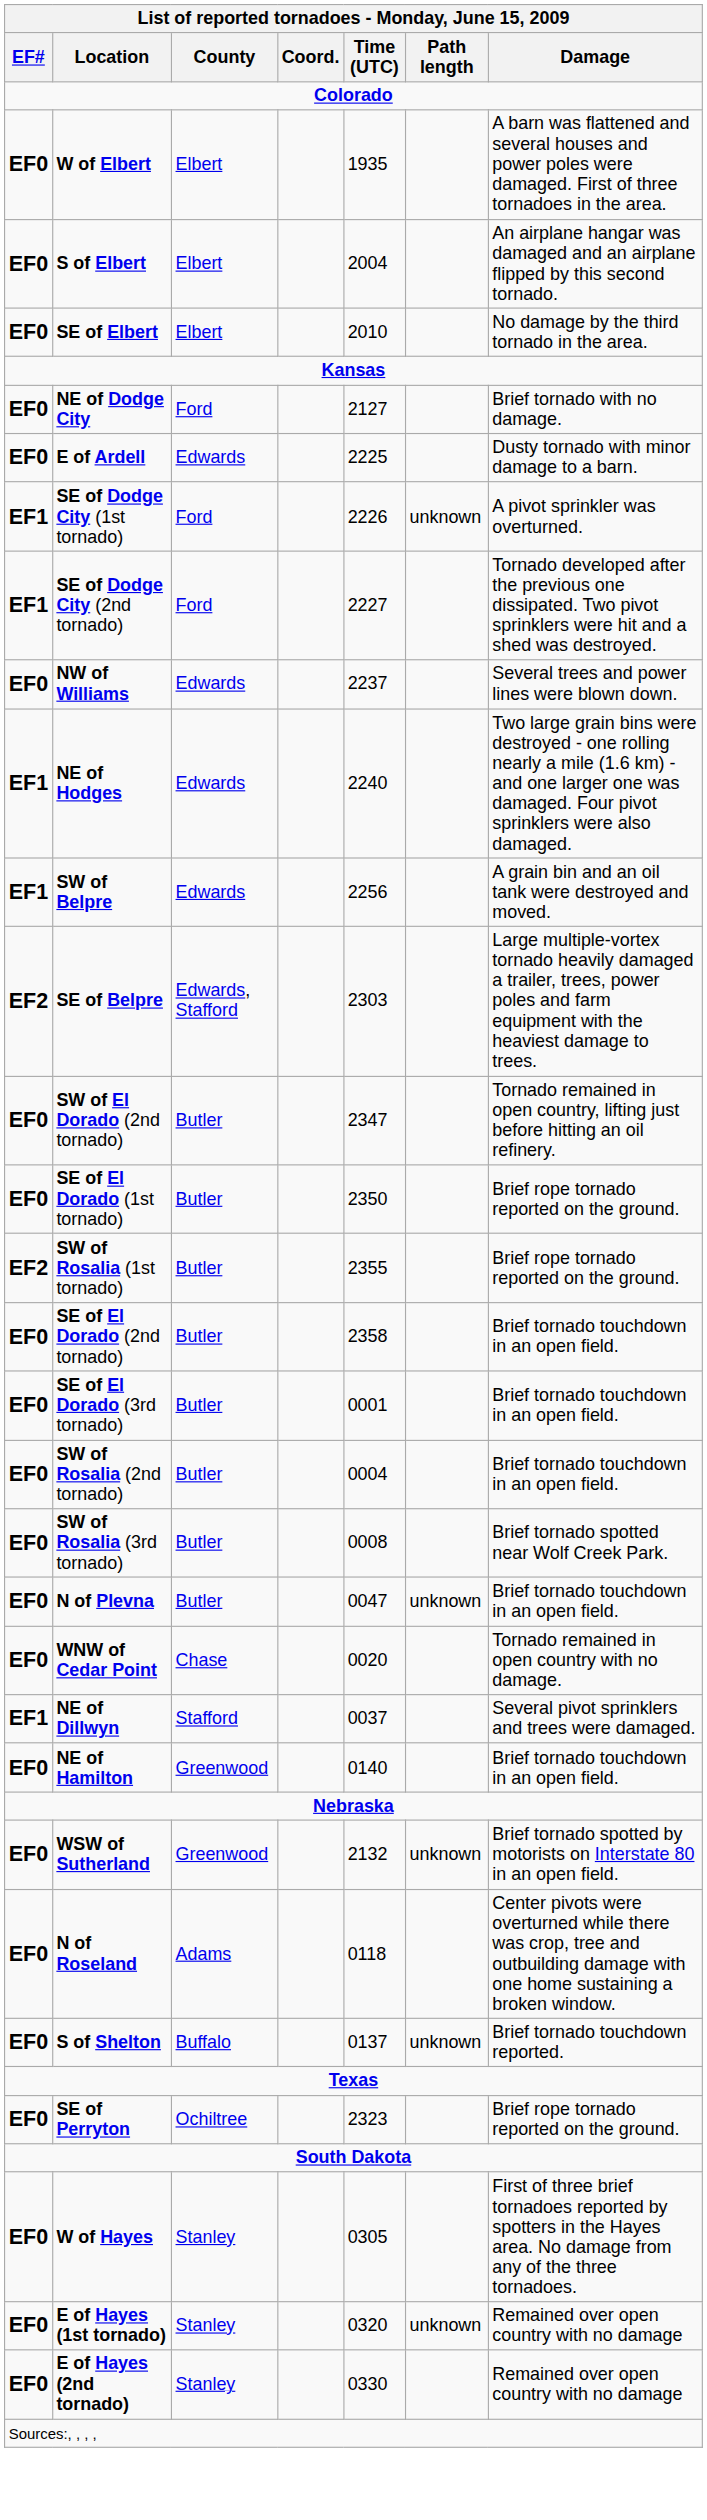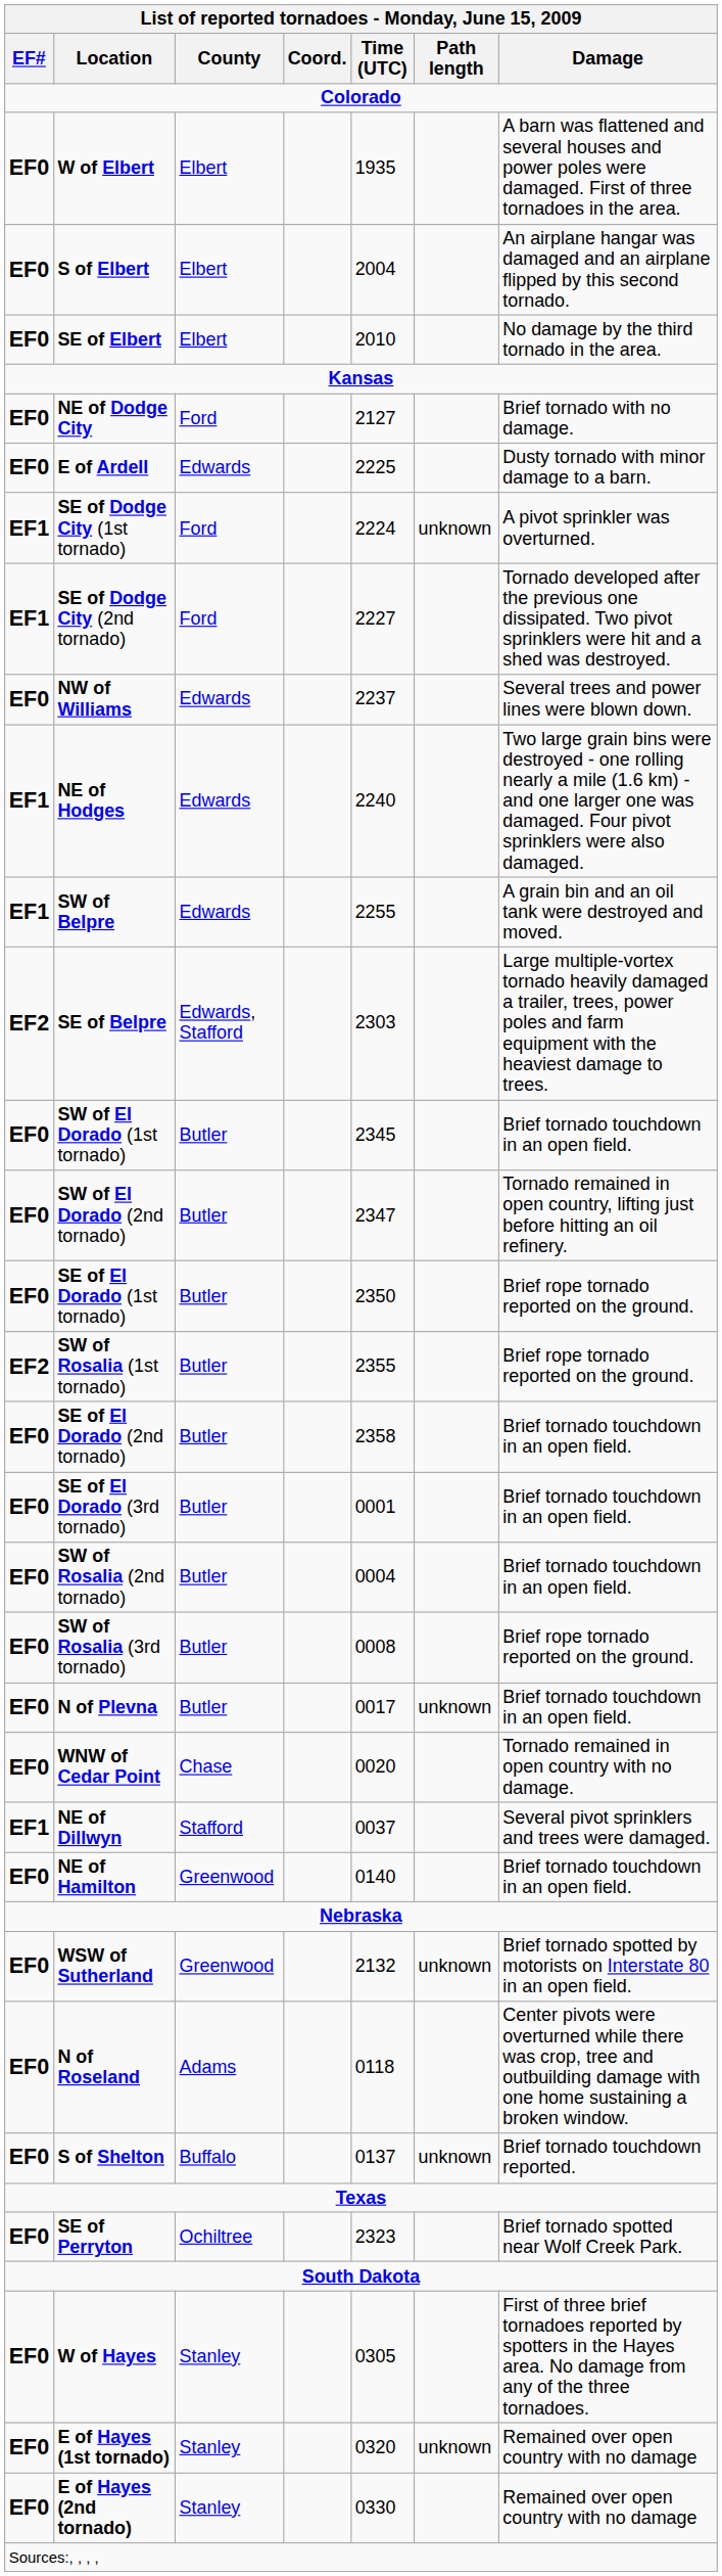 <table class="wikitable collapsible" width="100%">
 <tr>
 <th colspan="7">List of reported tornadoes - Monday, June 15, 2009</th>
 </tr>
 <tr>
 <th><a href='#'>EF#</a></th>
 <th>Location</th>
 <th>County</th>
 <th>Coord.</th>
 <th>Time (UTC)</th>
 <th>Path length</th>
 <th>Damage</th>
 </tr>
 <tr>
 <td colspan="7" align=center><strong><a href='#'>Colorado</a></strong></td>
 </tr>
 <tr>
 <td><big><strong>EF0</strong></big></td>
 <td><strong>W of <a href='#'>Elbert</a></strong></td>
 <td><a href='#'>Elbert</a></td>
 <td></td>
 <td>1935</td>
 <td></td>
 <td>A barn was flattened and several houses and power poles were damaged. First of three tornadoes in the area.</td>
 </tr>
 <tr>
 <td><big><strong>EF0</strong></big></td>
 <td><strong>S of <a href='#'>Elbert</a></strong></td>
 <td><a href='#'>Elbert</a></td>
 <td></td>
 <td>2004</td>
 <td></td>
 <td>An airplane hangar was damaged and an airplane flipped by this second tornado.</td>
 </tr>
 <tr>
 <td><big><strong>EF0</strong></big></td>
 <td><strong>SE of <a href='#'>Elbert</a></strong></td>
 <td><a href='#'>Elbert</a></td>
 <td></td>
 <td>2010</td>
 <td></td>
 <td>No damage by the third tornado in the area.</td>
 </tr>
 <tr>
 <td colspan="7" align=center><strong><a href='#'>Kansas</a></strong></td>
 </tr>
 <tr>
 <td><big><strong>EF0</strong></big></td>
 <td><strong>NE of <a href='#'>Dodge City</a></strong></td>
 <td><a href='#'>Ford</a></td>
 <td></td>
 <td>2127</td>
 <td></td>
 <td>Brief tornado with no damage.</td>
 </tr>
 <tr>
 <td><big><strong>EF0</strong></big></td>
 <td><strong>E of <a href='#'>Ardell</a></strong></td>
 <td><a href='#'>Edwards</a></td>
 <td></td>
 <td>2225</td>
 <td></td>
 <td>Dusty tornado with minor damage to a barn.</td>
 </tr>
 <tr>
 <td><big><strong>EF1</strong></big></td>
 <td><strong>SE of <a href='#'>Dodge City</a></strong> (1st tornado)</td>
 <td><a href='#'>Ford</a></td>
 <td></td>
-<td>2226</td>
+<td>2224</td>
 <td>unknown</td>
 <td>A pivot sprinkler was overturned.</td>
 </tr>
 <tr>
 <td><big><strong>EF1</strong></big></td>
 <td><strong>SE of <a href='#'>Dodge City</a></strong> (2nd tornado)</td>
 <td><a href='#'>Ford</a></td>
 <td></td>
 <td>2227</td>
 <td></td>
 <td>Tornado developed after the previous one dissipated. Two pivot sprinklers were hit and a shed was destroyed.</td>
 </tr>
 <tr>
 <td><big><strong>EF0</strong></big></td>
 <td><strong>NW of <a href='#'>Williams</a></strong></td>
 <td><a href='#'>Edwards</a></td>
 <td></td>
 <td>2237</td>
 <td></td>
 <td>Several trees and power lines were blown down.</td>
 </tr>
 <tr>
 <td><big><strong>EF1</strong></big></td>
 <td><strong>NE of <a href='#'>Hodges</a></strong></td>
 <td><a href='#'>Edwards</a></td>
 <td></td>
 <td>2240</td>
 <td></td>
 <td>Two large grain bins were destroyed - one rolling nearly a mile (1.6 km) - and one larger one was damaged. Four pivot sprinklers were also damaged.</td>
 </tr>
 <tr>
 <td><big><strong>EF1</strong></big></td>
 <td><strong>SW of <a href='#'>Belpre</a></strong></td>
 <td><a href='#'>Edwards</a></td>
 <td></td>
-<td>2256</td>
+<td>2255</td>
 <td></td>
 <td>A grain bin and an oil tank were destroyed and moved.</td>
 </tr>
 <tr>
 <td><big><strong>EF2</strong></big></td>
 <td><strong>SE of <a href='#'>Belpre</a></strong></td>
 <td><a href='#'>Edwards</a>, <a href='#'>Stafford</a></td>
 <td></td>
 <td>2303</td>
 <td></td>
 <td>Large multiple-vortex tornado heavily damaged a trailer, trees, power poles and farm equipment with the heaviest damage to trees.</td>
+</tr>
+<tr>
+<td><big><strong>EF0</strong></big></td>
+<td><strong>SW of <a href='#'>El Dorado</a></strong> (1st tornado)</td>
+<td><a href='#'>Butler</a></td>
+<td></td>
+<td>2345</td>
+<td></td>
+<td>Brief tornado touchdown in an open field.</td>
 </tr>
 <tr>
 <td><big><strong>EF0</strong></big></td>
 <td><strong>SW of <a href='#'>El Dorado</a></strong> (2nd tornado)</td>
 <td><a href='#'>Butler</a></td>
 <td></td>
 <td>2347</td>
 <td></td>
 <td>Tornado remained in open country, lifting just before hitting an oil refinery.</td>
 </tr>
 <tr>
 <td><big><strong>EF0</strong></big></td>
 <td><strong>SE of <a href='#'>El Dorado</a></strong> (1st tornado)</td>
 <td><a href='#'>Butler</a></td>
 <td></td>
 <td>2350</td>
 <td></td>
 <td>Brief rope tornado reported on the ground.</td>
 </tr>
 <tr>
 <td><big><strong>EF2</strong></big></td>
 <td><strong>SW of <a href='#'>Rosalia</a></strong> (1st tornado)</td>
 <td><a href='#'>Butler</a></td>
 <td></td>
 <td>2355</td>
 <td></td>
 <td>Brief rope tornado reported on the ground.</td>
 </tr>
 <tr>
 <td><big><strong>EF0</strong></big></td>
 <td><strong>SE of <a href='#'>El Dorado</a></strong> (2nd tornado)</td>
 <td><a href='#'>Butler</a></td>
 <td></td>
 <td>2358</td>
 <td></td>
 <td>Brief tornado touchdown in an open field.</td>
 </tr>
 <tr>
 <td><big><strong>EF0</strong></big></td>
 <td><strong>SE of <a href='#'>El Dorado</a></strong> (3rd tornado)</td>
 <td><a href='#'>Butler</a></td>
 <td></td>
 <td>0001</td>
 <td></td>
 <td>Brief tornado touchdown in an open field.</td>
 </tr>
 <tr>
 <td><big><strong>EF0</strong></big></td>
 <td><strong>SW of <a href='#'>Rosalia</a></strong> (2nd tornado)</td>
 <td><a href='#'>Butler</a></td>
 <td></td>
 <td>0004</td>
 <td></td>
 <td>Brief tornado touchdown in an open field.</td>
 </tr>
 <tr>
 <td><big><strong>EF0</strong></big></td>
 <td><strong>SW of <a href='#'>Rosalia</a></strong> (3rd tornado)</td>
 <td><a href='#'>Butler</a></td>
 <td></td>
 <td>0008</td>
 <td></td>
-<td>Brief tornado spotted near Wolf Creek Park.</td>
+<td>Brief rope tornado reported on the ground.</td>
 </tr>
 <tr>
 <td><big><strong>EF0</strong></big></td>
 <td><strong>N of <a href='#'>Plevna</a></strong></td>
 <td><a href='#'>Butler</a></td>
 <td></td>
-<td>0047</td>
+<td>0017</td>
 <td>unknown</td>
 <td>Brief tornado touchdown in an open field.</td>
 </tr>
 <tr>
 <td><big><strong>EF0</strong></big></td>
 <td><strong>WNW of <a href='#'>Cedar Point</a></strong></td>
 <td><a href='#'>Chase</a></td>
 <td></td>
 <td>0020</td>
 <td></td>
 <td>Tornado remained in open country with no damage.</td>
 </tr>
 <tr>
 <td><big><strong>EF1</strong></big></td>
 <td><strong>NE of <a href='#'>Dillwyn</a></strong></td>
 <td><a href='#'>Stafford</a></td>
 <td></td>
 <td>0037</td>
 <td></td>
 <td>Several pivot sprinklers and trees were damaged.</td>
 </tr>
 <tr>
 <td><big><strong>EF0</strong></big></td>
 <td><strong>NE of <a href='#'>Hamilton</a></strong></td>
 <td><a href='#'>Greenwood</a></td>
 <td></td>
 <td>0140</td>
 <td></td>
 <td>Brief tornado touchdown in an open field.</td>
 </tr>
 <tr>
 <td colspan="7" align=center><strong><a href='#'>Nebraska</a></strong></td>
 </tr>
 <tr>
 <td><big><strong>EF0</strong></big></td>
 <td><strong>WSW of <a href='#'>Sutherland</a></strong></td>
 <td><a href='#'>Greenwood</a></td>
 <td></td>
 <td>2132</td>
 <td>unknown</td>
 <td>Brief tornado spotted by motorists on <a href='#'>Interstate 80</a> in an open field.</td>
 </tr>
 <tr>
 <td><big><strong>EF0</strong></big></td>
 <td><strong>N of <a href='#'>Roseland</a></strong></td>
 <td><a href='#'>Adams</a></td>
 <td></td>
 <td>0118</td>
 <td></td>
 <td>Center pivots were overturned while there was crop, tree and outbuilding damage with one home sustaining a broken window.</td>
 </tr>
 <tr>
 <td><big><strong>EF0</strong></big></td>
 <td><strong>S of <a href='#'>Shelton</a></strong></td>
 <td><a href='#'>Buffalo</a></td>
 <td></td>
 <td>0137</td>
 <td>unknown</td>
 <td>Brief tornado touchdown reported.</td>
 </tr>
 <tr>
 <td colspan="7" align=center><strong><a href='#'>Texas</a></strong></td>
 </tr>
 <tr>
 <td><big><strong>EF0</strong></big></td>
 <td><strong>SE of <a href='#'>Perryton</a></strong></td>
 <td><a href='#'>Ochiltree</a></td>
 <td></td>
 <td>2323</td>
 <td></td>
-<td>Brief rope tornado reported on the ground.</td>
+<td>Brief tornado spotted near Wolf Creek Park.</td>
 </tr>
 <tr>
 <td colspan="7" align=center><strong><a href='#'>South Dakota</a></strong></td>
 </tr>
 <tr>
 <td><big><strong>EF0</strong></big></td>
 <td><strong>W of <a href='#'>Hayes</a></strong></td>
 <td><a href='#'>Stanley</a></td>
 <td></td>
 <td>0305</td>
 <td></td>
 <td>First of three brief tornadoes reported by spotters in the Hayes area. No damage from any of the three tornadoes.</td>
 </tr>
 <tr>
 <td><big><strong>EF0</strong></big></td>
 <td><strong>E of <a href='#'>Hayes</a> (1st tornado)</strong></td>
 <td><a href='#'>Stanley</a></td>
 <td></td>
 <td>0320</td>
 <td>unknown</td>
 <td>Remained over open country with no damage</td>
 </tr>
 <tr>
 <td><big><strong>EF0</strong></big></td>
 <td><strong>E of <a href='#'>Hayes</a> (2nd tornado) </strong></td>
 <td><a href='#'>Stanley</a></td>
 <td></td>
 <td>0330</td>
 <td></td>
 <td>Remained over open country with no damage</td>
 </tr>
 <tr>
 <td colspan="7"><small>Sources:, , , , </small></td>
 </tr>
 </table>
